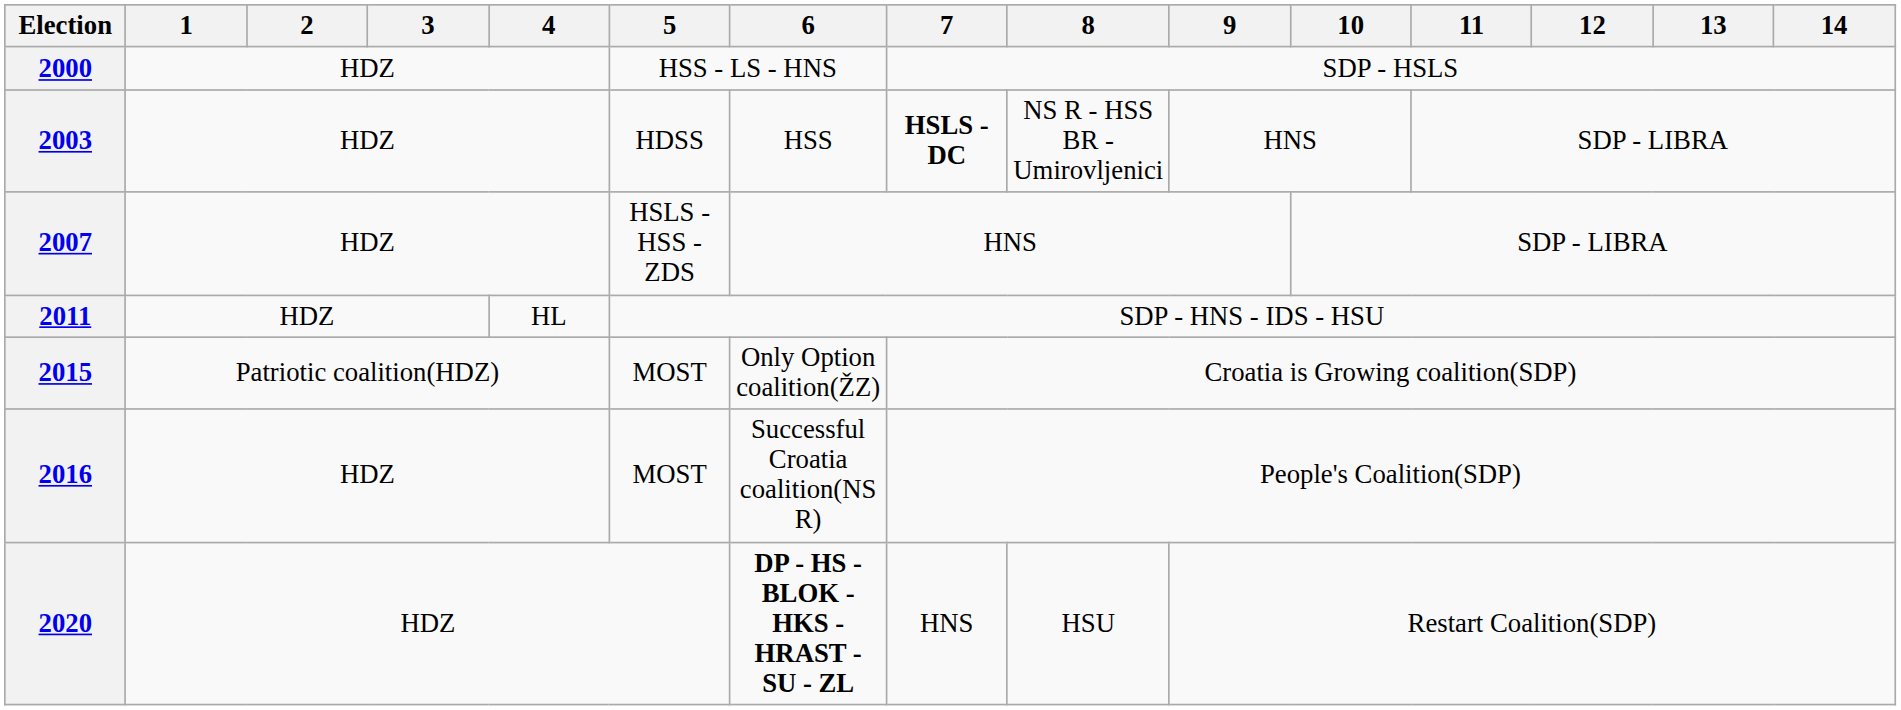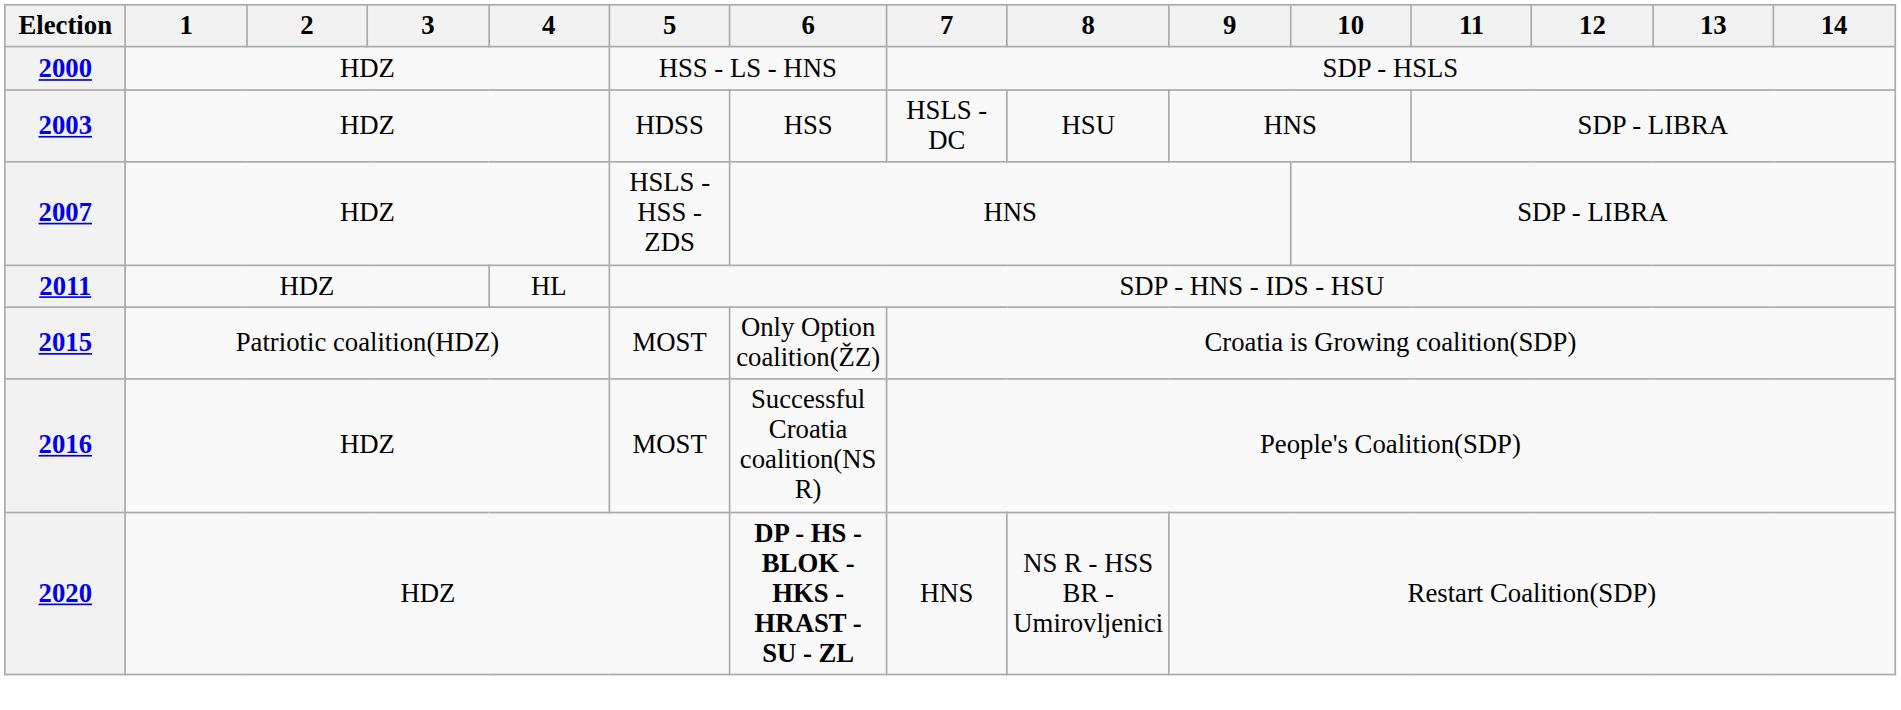 <table class=wikitable style="text-align: center;">
 <tr>
 <th style="width: 65px;">Election</th>
 <th style="width: 65px;">1</th>
 <th style="width: 65px;">2</th>
 <th style="width: 65px;">3</th>
 <th style="width: 65px;">4</th>
 <th style="width: 65px;">5</th>
 <th style="width: 65px;">6</th>
 <th style="width: 65px;">7</th>
 <th style="width: 65px;">8</th>
 <th style="width: 65px;">9</th>
 <th style="width: 65px;">10</th>
 <th style="width: 65px;">11</th>
 <th style="width: 65px;">12</th>
 <th style="width: 65px;">13</th>
 <th style="width: 65px;">14</th>
 </tr>
 <tr>
 <th><a href='#'>2000</a></th>
 <td colspan=4 style="background:">HDZ</td>
 <td colspan=2 style="background:">HSS - LS - HNS</td>
 <td colspan=8 style="background:">SDP - HSLS</td>
 </tr>
 <tr>
 <th><a href='#'>2003</a></th>
 <td colspan=4 style="background:">HDZ</td>
 <td style="background:">HDSS</td>
 <td style="background:">HSS</td>
-<td style="background:"><strong>HSLS - DC</strong></td>
-<td style="background:">NS R - HSS BR - Umirovljenici</td>
+<td style="background:">HSLS - DC</td>
+<td style="background:">HSU</td>
 <td colspan=2 style="background:">HNS</td>
 <td colspan=4 style="background:">SDP - LIBRA</td>
 </tr>
 <tr>
 <th><a href='#'>2007</a></th>
 <td colspan=4 style="background:">HDZ</td>
 <td style="background:">HSLS - HSS - ZDS</td>
 <td colspan=4 style="background:">HNS</td>
 <td colspan=5 style="background:">SDP - LIBRA</td>
 </tr>
 <tr>
 <th><a href='#'>2011</a></th>
 <td colspan=3 style="background:">HDZ</td>
 <td style="background:">HL</td>
 <td colspan=10 style="background:">SDP - HNS - IDS - HSU</td>
 </tr>
 <tr>
 <th><a href='#'>2015</a></th>
 <td colspan=4 style="background:">Patriotic coalition(HDZ)</td>
 <td style="background:">MOST</td>
 <td style="background:">Only Option coalition(ŽZ)</td>
 <td colspan=8 style="background:">Croatia is Growing coalition(SDP)</td>
 </tr>
 <tr>
 <th><a href='#'>2016</a></th>
 <td colspan=4 style="background:">HDZ</td>
 <td style="background:">MOST</td>
 <td style="background:">Successful Croatia coalition(NS R)</td>
 <td colspan=8 style="background:">People's Coalition(SDP)</td>
 </tr>
 <tr>
 <th><a href='#'>2020</a></th>
 <td colspan=5 style="background:">HDZ</td>
 <td style="background:"><strong>DP - HS - BLOK - HKS - HRAST - SU - ZL</strong></td>
 <td style="background:">HNS</td>
-<td style="background:">HSU</td>
+<td style="background:">NS R - HSS BR - Umirovljenici</td>
 <td colspan=6 style="background:">Restart Coalition(SDP)</td>
 </tr>
 </table>
